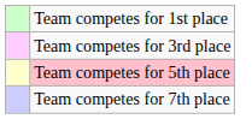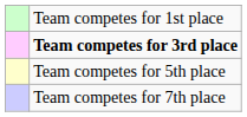 <table class="wikitable">
 <tr>
 <td style="background:#cfc">    </td>
 <td>Team competes for 1st place</td>
 </tr>
 <tr>
 <td style="background:#ffccff">    </td>
-<td>Team competes for 3rd place</td>
+<td><strong>Team competes for 3rd place</strong></td>
 </tr>
 <tr>
 <td style="background:#ffc">    </td>
-<td style="background: pink;">Team competes for 5th place</td>
+<td>Team competes for 5th place</td>
 </tr>
 <tr>
 <td bgcolor="ccccff">    </td>
 <td>Team competes for 7th place</td>
 </tr>
 </table>
